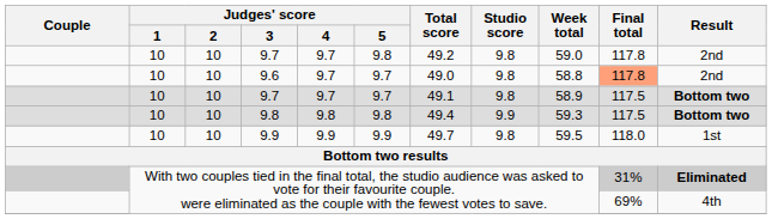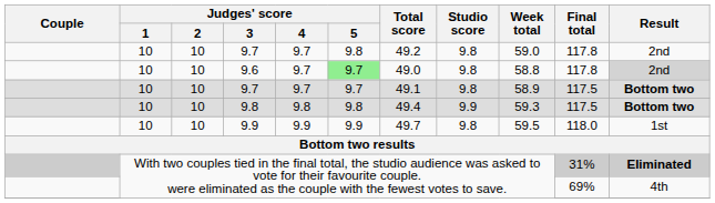 <table class="wikitable" style="font-size:100%; line-height:16px; text-align:center" width="100%">
 <tr>
 <th rowspan=2 width="11.00%">Couple</th>
 <th colspan=5 width="25.00%">Judges' score</th>
 <th rowspan=2 width="05.00%">Total<br>score</th>
 <th rowspan=2 width="05.00%">Studio<br>score</th>
 <th rowspan=2 width="05.00%">Week<br>total</th>
 <th rowspan=2 width="05.00%">Final<br>total</th>
 <th rowspan=2 width="09.00%">Result</th>
 </tr>
 <tr>
 <th width="05%">1</th>
 <th width="05%">2</th>
 <th width="05%">3</th>
 <th width="05%">4</th>
 <th width="05%">5</th>
 </tr>
 <tr>
 <td></td>
 <td>10</td>
 <td>10</td>
 <td>9.7</td>
 <td>9.7</td>
 <td>9.8</td>
 <td>49.2</td>
 <td>9.8</td>
 <td>59.0</td>
 <td>117.8</td>
 <td>2nd</td>
 </tr>
 <tr>
 <td></td>
 <td>10</td>
 <td>10</td>
 <td>9.6</td>
 <td>9.7</td>
-<td>9.7</td>
+<td style="background: lightgreen;">9.7</td>
 <td>49.0</td>
 <td>9.8</td>
 <td>58.8</td>
-<td style="background: lightsalmon;">117.8</td>
-<td>2nd</td>
+<td>117.8</td>
+<td style="background: lightgrey;">2nd</td>
 </tr>
 <tr bgcolor="DDDDDD">
 <td></td>
 <td>10</td>
 <td>10</td>
 <td>9.7</td>
 <td>9.7</td>
 <td>9.7</td>
 <td>49.1</td>
 <td>9.8</td>
 <td>58.9</td>
 <td>117.5</td>
 <td><strong>Bottom two</strong></td>
 </tr>
 <tr bgcolor="DDDDDD">
 <td></td>
 <td>10</td>
 <td>10</td>
 <td>9.8</td>
 <td>9.8</td>
 <td>9.8</td>
 <td>49.4</td>
 <td>9.9</td>
 <td>59.3</td>
 <td>117.5</td>
 <td><strong>Bottom two</strong></td>
 </tr>
 <tr>
 <td></td>
 <td>10</td>
 <td>10</td>
 <td>9.9</td>
 <td>9.9</td>
 <td>9.9</td>
 <td>49.7</td>
 <td>9.8</td>
 <td>59.5</td>
 <td>118.0</td>
 <td>1st</td>
 </tr>
 <tr>
 <th colspan=11>Bottom two results</th>
 </tr>
 <tr>
 <td bgcolor="CCCCCC"></td>
 <td rowspan=3 colspan=8>With two couples tied in the final total, the studio audience was asked to vote for their favourite couple.<br> were eliminated as the couple with the fewest votes to save.</td>
 <td bgcolor="CCCCCC">31%</td>
 <td bgcolor="CCCCCC"><strong>Eliminated</strong></td>
 </tr>
 <tr>
 <td></td>
 <td>69%</td>
 <td>4th</td>
 </tr>
 <tr>
 </tr>
 </table>
